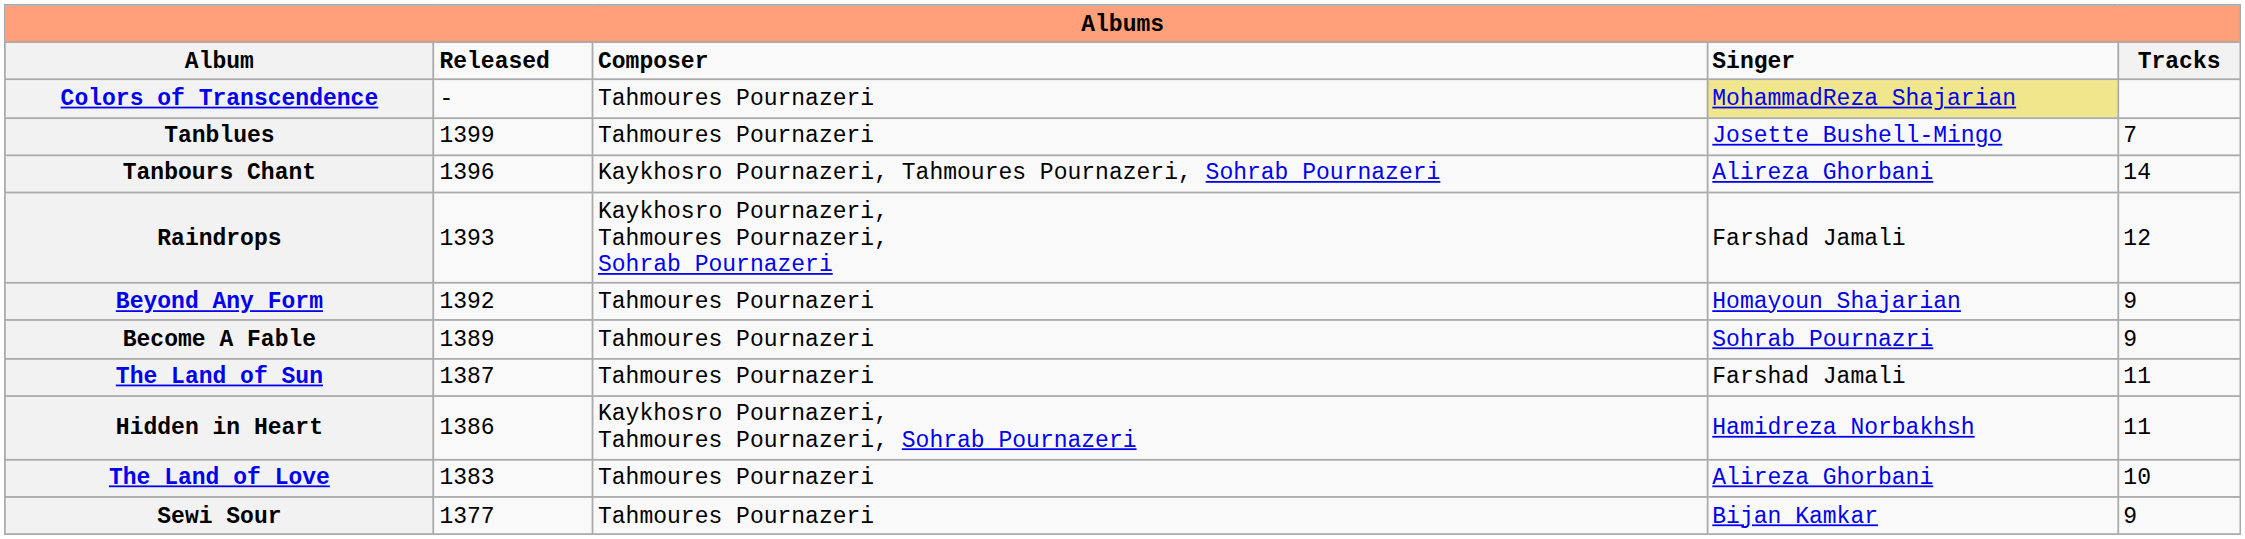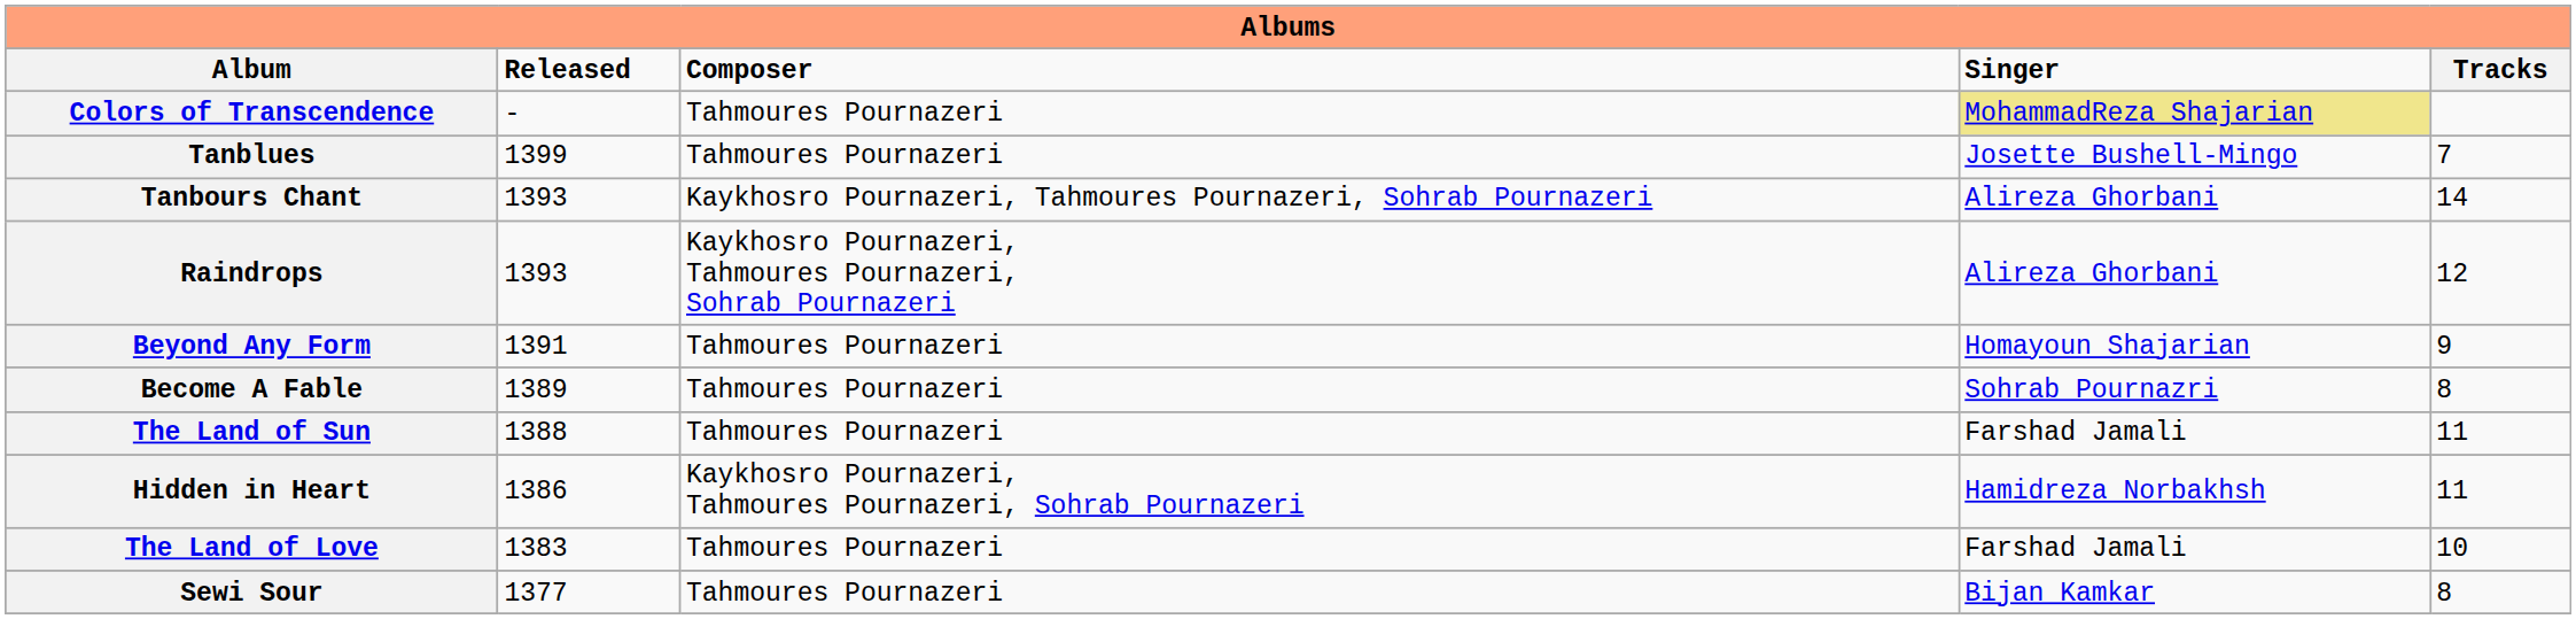 <table class="wikitable center" style="width: 100%; font-size:100%;">
 <tr>
 <th colspan="5" style="background:LightSalmon;">Albums</th>
 </tr>
 <tr>
 <th><strong>Album</strong></th>
 <td><strong>Released</strong></td>
 <td><strong>Composer</strong></td>
 <td><strong>Singer</strong></td>
 <th>Tracks</th>
 </tr>
 <tr>
 <th><a href='#'>Colors of Transcendence</a></th>
 <td>-</td>
 <td>Tahmoures Pournazeri</td>
 <td style="background: khaki;"><a href='#'>MohammadReza Shajarian</a></td>
 <td></td>
 </tr>
 <tr>
 <th>Tanblues</th>
 <td>1399</td>
 <td>Tahmoures Pournazeri</td>
 <td><a href='#'>Josette Bushell-Mingo</a></td>
 <td>7</td>
 </tr>
 <tr>
 <th>Tanbours Chant</th>
-<td>1396</td>
+<td>1393</td>
 <td>Kaykhosro Pournazeri, Tahmoures Pournazeri, <a href='#'>Sohrab Pournazeri</a></td>
 <td><a href='#'>Alireza Ghorbani</a></td>
 <td>14</td>
 </tr>
 <tr>
 <th>Raindrops</th>
 <td>1393</td>
 <td>Kaykhosro Pournazeri,<br>Tahmoures Pournazeri,<br><a href='#'>Sohrab Pournazeri</a></td>
-<td>Farshad Jamali</td>
+<td><a href='#'>Alireza Ghorbani</a></td>
 <td>12</td>
 </tr>
 <tr>
 <th><a href='#'>Beyond Any Form</a></th>
-<td>1392</td>
+<td>1391</td>
 <td>Tahmoures Pournazeri</td>
 <td><a href='#'>Homayoun Shajarian</a></td>
 <td>9</td>
 </tr>
 <tr>
 <th>Become A Fable</th>
 <td>1389</td>
 <td>Tahmoures Pournazeri</td>
 <td><a href='#'>Sohrab Pournazri</a></td>
-<td>9</td>
+<td>8</td>
 </tr>
 <tr>
 <th><a href='#'>The Land of Sun</a></th>
-<td>1387</td>
+<td>1388</td>
 <td>Tahmoures Pournazeri</td>
 <td>Farshad Jamali</td>
 <td>11</td>
 </tr>
 <tr>
 <th>Hidden in Heart</th>
 <td>1386</td>
 <td>Kaykhosro Pournazeri,<br>Tahmoures Pournazeri, <a href='#'>Sohrab Pournazeri</a></td>
 <td><a href='#'>Hamidreza Norbakhsh</a></td>
 <td>11</td>
 </tr>
 <tr>
 <th><a href='#'>The Land of Love</a></th>
 <td>1383</td>
 <td>Tahmoures Pournazeri</td>
-<td><a href='#'>Alireza Ghorbani</a></td>
+<td>Farshad Jamali</td>
 <td>10</td>
 </tr>
 <tr>
 <th>Sewi Sour</th>
 <td>1377</td>
 <td>Tahmoures Pournazeri</td>
 <td><a href='#'>Bijan Kamkar</a></td>
-<td>9</td>
+<td>8</td>
 </tr>
 </table>
